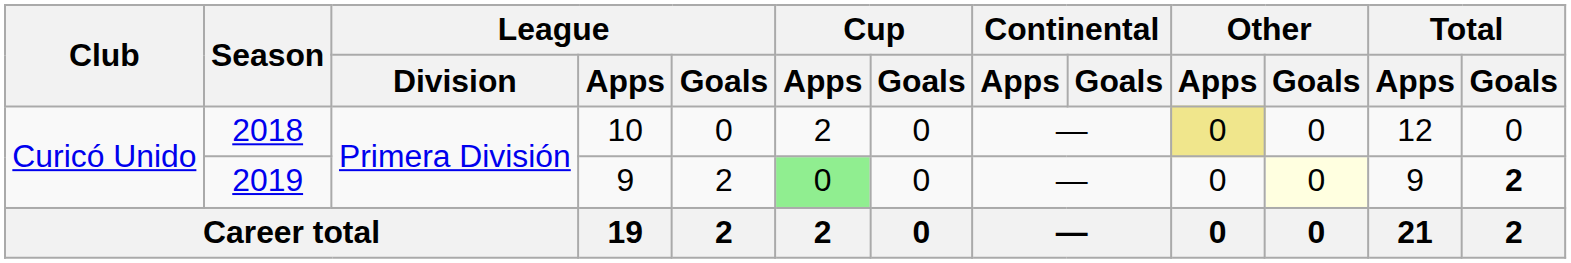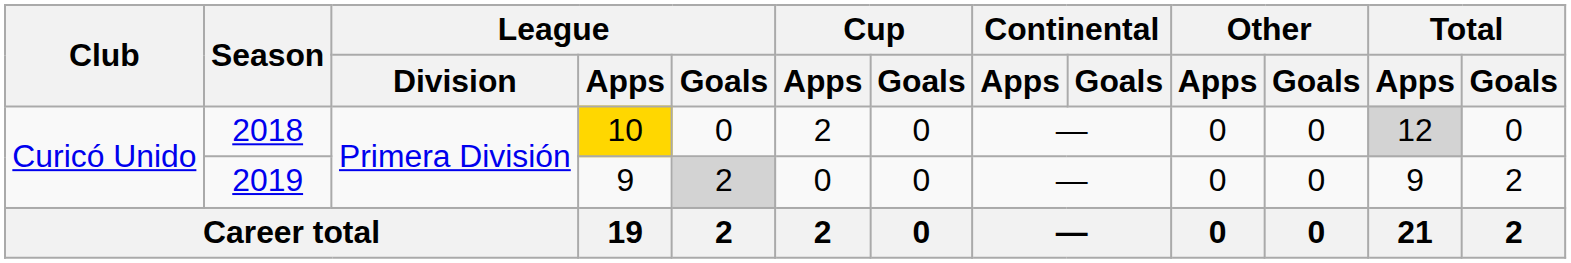 <table class="wikitable" style="text-align:center">
 <tr>
 <th rowspan="2">Club</th>
 <th rowspan="2">Season</th>
 <th colspan="3">League</th>
 <th colspan="2">Cup</th>
 <th colspan="2">Continental</th>
 <th colspan="2">Other</th>
 <th colspan="2">Total</th>
 </tr>
 <tr>
 <th>Division</th>
 <th>Apps</th>
 <th>Goals</th>
 <th>Apps</th>
 <th>Goals</th>
 <th>Apps</th>
 <th>Goals</th>
 <th>Apps</th>
 <th>Goals</th>
 <th>Apps</th>
 <th>Goals</th>
 </tr>
 <tr>
 <td rowspan="2"><a href='#'>Curicó Unido</a></td>
 <td><a href='#'>2018</a></td>
 <td rowspan="2"><a href='#'>Primera División</a></td>
-<td>10</td>
+<td style="background: gold;">10</td>
 <td>0</td>
 <td>2</td>
 <td>0</td>
 <td colspan="2">—</td>
-<td style="background: khaki;">0</td>
 <td>0</td>
-<td>12</td>
+<td>0</td>
+<td style="background: lightgrey;">12</td>
 <td>0</td>
 </tr>
 <tr>
 <td><a href='#'>2019</a></td>
 <td>9</td>
-<td>2</td>
-<td style="background: lightgreen;">0</td>
+<td style="background: lightgrey;">2</td>
+<td>0</td>
 <td>0</td>
 <td colspan="2">—</td>
 <td>0</td>
-<td style="background: lightyellow;">0</td>
+<td>0</td>
 <td>9</td>
-<td><strong>2</strong></td>
+<td>2</td>
 </tr>
 <tr>
 <th colspan="3">Career total</th>
 <th>19</th>
 <th>2</th>
 <th>2</th>
 <th>0</th>
 <th colspan="2">—</th>
 <th>0</th>
 <th>0</th>
 <th>21</th>
 <th>2</th>
 </tr>
 </table>
